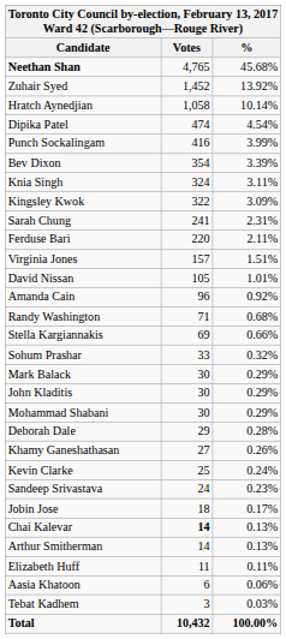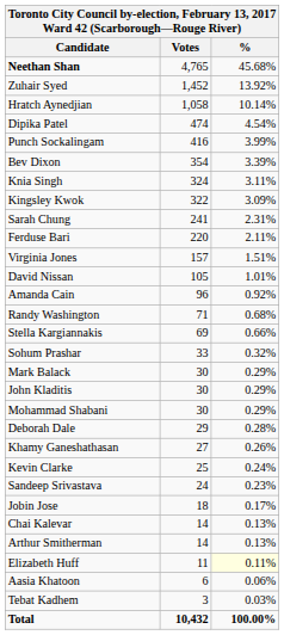 <table class="wikitable collapsible" border="1" style="text-align:right;">
 <tr>
 <th align=center colspan=3>Toronto City Council by-election, February 13, 2017<br>Ward 42 (Scarborough—Rouge River)</th>
 </tr>
 <tr>
 <th align=left>Candidate</th>
 <th align=left>Votes</th>
 <th align=left>%</th>
 </tr>
 <tr>
 <td align=left><strong>Neethan Shan</strong></td>
 <td>4,765</td>
 <td>45.68%</td>
 </tr>
 <tr>
 <td align=left>Zuhair Syed</td>
 <td>1,452</td>
 <td>13.92%</td>
 </tr>
 <tr>
 <td align=left>Hratch Aynedjian</td>
 <td>1,058</td>
 <td>10.14%</td>
 </tr>
 <tr>
 <td align=left>Dipika Patel</td>
 <td>474</td>
 <td>4.54%</td>
 </tr>
 <tr>
 <td align=left>Punch Sockalingam</td>
 <td>416</td>
 <td>3.99%</td>
 </tr>
 <tr>
 <td align=left>Bev Dixon</td>
 <td>354</td>
 <td>3.39%</td>
 </tr>
 <tr>
 <td align=left>Knia Singh</td>
 <td>324</td>
 <td>3.11%</td>
 </tr>
 <tr>
 <td align=left>Kingsley Kwok</td>
 <td>322</td>
 <td>3.09%</td>
 </tr>
 <tr>
 <td align=left>Sarah Chung</td>
 <td>241</td>
 <td>2.31%</td>
 </tr>
 <tr>
 <td align=left>Ferduse Bari</td>
 <td>220</td>
 <td>2.11%</td>
 </tr>
 <tr>
 <td align=left>Virginia Jones</td>
 <td>157</td>
 <td>1.51%</td>
 </tr>
 <tr>
 <td align=left>David Nissan</td>
 <td>105</td>
 <td>1.01%</td>
 </tr>
 <tr>
 <td align=left>Amanda Cain</td>
 <td>96</td>
 <td>0.92%</td>
 </tr>
 <tr>
 <td align=left>Randy Washington</td>
 <td>71</td>
 <td>0.68%</td>
 </tr>
 <tr>
 <td align=left>Stella Kargiannakis</td>
 <td>69</td>
 <td>0.66%</td>
 </tr>
 <tr>
 <td align=left>Sohum Prashar</td>
 <td>33</td>
 <td>0.32%</td>
 </tr>
 <tr>
 <td align=left>Mark Balack</td>
 <td>30</td>
 <td>0.29%</td>
 </tr>
 <tr>
 <td align=left>John Kladitis</td>
 <td>30</td>
 <td>0.29%</td>
 </tr>
 <tr>
 <td align=left>Mohammad Shabani</td>
 <td>30</td>
 <td>0.29%</td>
 </tr>
 <tr>
 <td align=left>Deborah Dale</td>
 <td>29</td>
 <td>0.28%</td>
 </tr>
 <tr>
 <td align=left>Khamy Ganeshathasan</td>
 <td>27</td>
 <td>0.26%</td>
 </tr>
 <tr>
 <td align=left>Kevin Clarke</td>
 <td>25</td>
 <td>0.24%</td>
 </tr>
 <tr>
 <td align=left>Sandeep Srivastava</td>
 <td>24</td>
 <td>0.23%</td>
 </tr>
 <tr>
 <td align=left>Jobin Jose</td>
 <td>18</td>
 <td>0.17%</td>
 </tr>
 <tr>
 <td align=left>Chai Kalevar</td>
-<td><strong>14</strong></td>
+<td>14</td>
 <td>0.13%</td>
 </tr>
 <tr>
 <td align=left>Arthur Smitherman</td>
 <td>14</td>
 <td>0.13%</td>
 </tr>
 <tr>
 <td align=left>Elizabeth Huff</td>
 <td>11</td>
-<td>0.11%</td>
+<td style="background: lightyellow;">0.11%</td>
 </tr>
 <tr>
 <td align=left>Aasia Khatoon</td>
 <td>6</td>
 <td>0.06%</td>
 </tr>
 <tr>
 <td align=left>Tebat Kadhem</td>
 <td>3</td>
 <td>0.03%</td>
 </tr>
 <tr style="font-weight:bold">
 <td align=left>Total</td>
 <td>10,432</td>
 <td>100.00%</td>
 </tr>
 </table>
